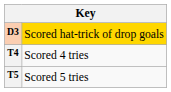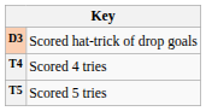 <table class="wikitable plainrowheaders">
 <tr>
 <th colspan="2" scope="col">Key</th>
 </tr>
 <tr>
 <th align="left" style="background-color:#FBCEB1" scope="row"><sup>D3</sup></th>
-<td align="left" style="background: gold;">Scored hat-trick of drop goals</td>
+<td align="left">Scored hat-trick of drop goals</td>
 </tr>
 <tr>
 <th align="left" scope="row"><sup>T4</sup></th>
 <td align="left">Scored 4 tries</td>
 </tr>
 <tr>
 <th align="left" scope="row"><sup>T5</sup></th>
 <td align="left">Scored 5 tries</td>
 </tr>
 </table>
